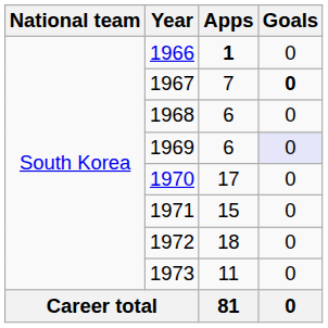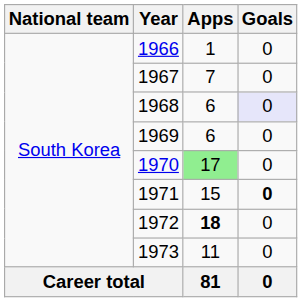 <table class="wikitable" style="text-align:center">
 <tr>
 <th>National team</th>
 <th>Year</th>
 <th>Apps</th>
 <th>Goals</th>
 </tr>
 <tr>
 <td rowspan=8><a href='#'>South Korea</a></td>
 <td><a href='#'>1966</a></td>
-<td><strong>1</strong></td>
+<td>1</td>
 <td>0</td>
 </tr>
 <tr>
 <td>1967</td>
 <td>7</td>
-<td><strong>0</strong></td>
+<td>0</td>
 </tr>
 <tr>
 <td>1968</td>
 <td>6</td>
-<td>0</td>
+<td style="background: lavender;">0</td>
 </tr>
 <tr>
 <td>1969</td>
 <td>6</td>
-<td style="background: lavender;">0</td>
+<td>0</td>
 </tr>
 <tr>
 <td><a href='#'>1970</a></td>
-<td>17</td>
+<td style="background: lightgreen;">17</td>
 <td>0</td>
 </tr>
 <tr>
 <td>1971</td>
 <td>15</td>
-<td>0</td>
+<td><strong>0</strong></td>
 </tr>
 <tr>
 <td>1972</td>
-<td>18</td>
+<td><strong>18</strong></td>
 <td>0</td>
 </tr>
 <tr>
 <td>1973</td>
 <td>11</td>
 <td>0</td>
 </tr>
 <tr>
 <th colspan="2">Career total</th>
 <th>81</th>
 <th>0</th>
 </tr>
 </table>
